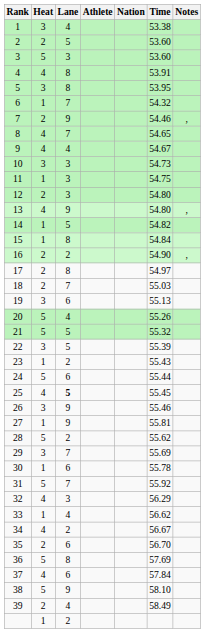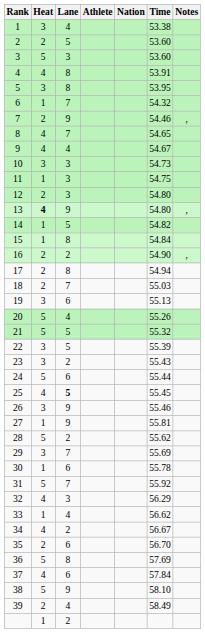 <table class="wikitable sortable" style="text-align:center">
 <tr>
 <th scope="col">Rank</th>
 <th scope="col">Heat</th>
 <th scope="col">Lane</th>
 <th scope="col">Athlete</th>
 <th scope="col">Nation</th>
 <th scope="col">Time</th>
 <th scope="col">Notes</th>
 </tr>
 <tr bgcolor="#bbf3bb">
 <td>1</td>
 <td>3</td>
 <td>4</td>
 <td style="text-align:left"></td>
 <td style="text-align:left"></td>
 <td>53.38</td>
 <td></td>
 </tr>
 <tr bgcolor="#bbf3bb">
 <td>2</td>
 <td>2</td>
 <td>5</td>
 <td style="text-align:left"></td>
 <td style="text-align:left"></td>
 <td>53.60</td>
 <td></td>
 </tr>
 <tr bgcolor="#bbf3bb">
 <td>3</td>
 <td>5</td>
 <td>3</td>
 <td style="text-align:left"></td>
 <td style="text-align:left"></td>
 <td>53.60</td>
 <td></td>
 </tr>
 <tr bgcolor="#bbf3bb">
 <td>4</td>
 <td>4</td>
 <td>8</td>
 <td style="text-align:left"></td>
 <td style="text-align:left"></td>
 <td>53.91</td>
 <td></td>
 </tr>
 <tr bgcolor="#bbf3bb">
 <td>5</td>
 <td>3</td>
 <td>8</td>
 <td style="text-align:left"></td>
 <td style="text-align:left"></td>
 <td>53.95</td>
 <td></td>
 </tr>
 <tr bgcolor="#bbf3bb">
 <td>6</td>
 <td>1</td>
 <td>7</td>
 <td style="text-align:left"></td>
 <td style="text-align:left"></td>
 <td>54.32</td>
 <td></td>
 </tr>
 <tr bgcolor="#bbf3bb">
 <td>7</td>
 <td>2</td>
 <td>9</td>
 <td style="text-align:left"></td>
 <td style="text-align:left"></td>
 <td>54.46</td>
 <td>, </td>
 </tr>
 <tr bgcolor="#bbf3bb">
 <td>8</td>
 <td>4</td>
 <td>7</td>
 <td style="text-align:left"></td>
 <td style="text-align:left"></td>
 <td>54.65</td>
 <td></td>
 </tr>
 <tr bgcolor="#bbf3bb">
 <td>9</td>
 <td>4</td>
 <td>4</td>
 <td style="text-align:left"></td>
 <td style="text-align:left"></td>
 <td>54.67</td>
 <td></td>
 </tr>
 <tr bgcolor="#bbf3bb">
 <td>10</td>
 <td>3</td>
 <td>3</td>
 <td style="text-align:left"></td>
 <td style="text-align:left"></td>
 <td>54.73</td>
 <td></td>
 </tr>
 <tr bgcolor="#bbf3bb">
 <td>11</td>
 <td>1</td>
 <td>3</td>
 <td style="text-align:left"></td>
 <td style="text-align:left"></td>
 <td>54.75</td>
 <td></td>
 </tr>
 <tr bgcolor="#bbf3bb">
 <td>12</td>
 <td>2</td>
 <td>3</td>
 <td style="text-align:left"></td>
 <td style="text-align:left"></td>
 <td>54.80</td>
 <td></td>
 </tr>
 <tr bgcolor="#ccf9cc">
 <td>13</td>
-<td>4</td>
+<td><strong>4</strong></td>
 <td>9</td>
 <td style="text-align:left"></td>
 <td style="text-align:left"></td>
 <td>54.80</td>
 <td>, </td>
 </tr>
 <tr bgcolor="#bbf3bb">
 <td>14</td>
 <td>1</td>
 <td>5</td>
 <td style="text-align:left"></td>
 <td style="text-align:left"></td>
 <td>54.82</td>
 <td></td>
 </tr>
 <tr bgcolor="#ccf9cc">
 <td>15</td>
 <td>1</td>
 <td>8</td>
 <td style="text-align:left"></td>
 <td style="text-align:left"></td>
 <td>54.84</td>
 <td></td>
 </tr>
 <tr bgcolor="#ccf9cc">
 <td>16</td>
 <td>2</td>
 <td>2</td>
 <td style="text-align:left"></td>
 <td style="text-align:left"></td>
 <td>54.90</td>
 <td>, </td>
 </tr>
 <tr>
 <td>17</td>
 <td>2</td>
 <td>8</td>
 <td style="text-align:left"></td>
 <td style="text-align:left"></td>
-<td>54.97</td>
+<td>54.94</td>
 <td></td>
 </tr>
 <tr>
 <td>18</td>
 <td>2</td>
 <td>7</td>
 <td style="text-align:left"></td>
 <td style="text-align:left"></td>
 <td>55.03</td>
 <td></td>
 </tr>
 <tr>
 <td>19</td>
 <td>3</td>
 <td>6</td>
 <td style="text-align:left"></td>
 <td style="text-align:left"></td>
 <td>55.13</td>
 <td></td>
 </tr>
 <tr bgcolor="#bbf3bb">
 <td>20</td>
 <td>5</td>
 <td>4</td>
 <td style="text-align:left"></td>
 <td style="text-align:left"></td>
 <td>55.26</td>
 <td></td>
 </tr>
 <tr bgcolor="#bbf3bb">
 <td>21</td>
 <td>5</td>
 <td>5</td>
 <td style="text-align:left"></td>
 <td style="text-align:left"></td>
 <td>55.32</td>
 <td></td>
 </tr>
 <tr>
 <td>22</td>
 <td>3</td>
 <td>5</td>
 <td style="text-align:left"></td>
 <td style="text-align:left"></td>
 <td>55.39</td>
 <td></td>
 </tr>
 <tr>
 <td>23</td>
-<td>1</td>
+<td>3</td>
 <td>2</td>
 <td style="text-align:left"></td>
 <td style="text-align:left"></td>
 <td>55.43</td>
 <td></td>
 </tr>
 <tr>
 <td>24</td>
 <td>5</td>
 <td>6</td>
 <td style="text-align:left"></td>
 <td style="text-align:left"></td>
 <td>55.44</td>
 <td></td>
 </tr>
 <tr>
 <td>25</td>
 <td>4</td>
 <td><strong>5</strong></td>
 <td style="text-align:left"></td>
 <td style="text-align:left"></td>
 <td>55.45</td>
 <td></td>
 </tr>
 <tr>
 <td>26</td>
 <td>3</td>
 <td>9</td>
 <td style="text-align:left"></td>
 <td style="text-align:left"></td>
 <td>55.46</td>
 <td></td>
 </tr>
 <tr>
 <td>27</td>
 <td>1</td>
 <td>9</td>
 <td style="text-align:left"></td>
 <td style="text-align:left"></td>
 <td>55.81</td>
 <td></td>
 </tr>
 <tr>
 <td>28</td>
 <td>5</td>
 <td>2</td>
 <td style="text-align:left"></td>
 <td style="text-align:left"></td>
 <td>55.62</td>
 <td></td>
 </tr>
 <tr>
 <td>29</td>
 <td>3</td>
 <td>7</td>
 <td style="text-align:left"></td>
 <td style="text-align:left"></td>
 <td>55.69</td>
 <td></td>
 </tr>
 <tr>
 <td>30</td>
 <td>1</td>
 <td>6</td>
 <td style="text-align:left"></td>
 <td style="text-align:left"></td>
 <td>55.78</td>
 <td></td>
 </tr>
 <tr>
 <td>31</td>
 <td>5</td>
 <td>7</td>
 <td style="text-align:left"></td>
 <td style="text-align:left"></td>
 <td>55.92</td>
 <td></td>
 </tr>
 <tr>
 <td>32</td>
 <td>4</td>
 <td>3</td>
 <td style="text-align:left"></td>
 <td style="text-align:left"></td>
 <td>56.29</td>
 <td></td>
 </tr>
 <tr>
 <td>33</td>
 <td>1</td>
 <td>4</td>
 <td style="text-align:left"></td>
 <td style="text-align:left"></td>
 <td>56.62</td>
 <td></td>
 </tr>
 <tr>
 <td>34</td>
 <td>4</td>
 <td>2</td>
 <td style="text-align:left"></td>
 <td style="text-align:left"></td>
 <td>56.67</td>
 <td></td>
 </tr>
 <tr>
 <td>35</td>
 <td>2</td>
 <td>6</td>
 <td style="text-align:left"></td>
 <td style="text-align:left"></td>
 <td>56.70</td>
 <td></td>
 </tr>
 <tr>
 <td>36</td>
 <td>5</td>
 <td>8</td>
 <td style="text-align:left"></td>
 <td style="text-align:left"></td>
 <td>57.69</td>
 <td></td>
 </tr>
 <tr>
 <td>37</td>
 <td>4</td>
 <td>6</td>
 <td style="text-align:left"></td>
 <td style="text-align:left"></td>
 <td>57.84</td>
 <td></td>
 </tr>
 <tr>
 <td>38</td>
 <td>5</td>
 <td>9</td>
 <td style="text-align:left"></td>
 <td style="text-align:left"></td>
 <td>58.10</td>
 <td></td>
 </tr>
 <tr>
 <td>39</td>
 <td>2</td>
 <td>4</td>
 <td style="text-align:left"></td>
 <td style="text-align:left"></td>
 <td>58.49</td>
 <td></td>
 </tr>
 <tr>
 <td></td>
 <td>1</td>
 <td>2</td>
 <td style="text-align:left"></td>
 <td style="text-align:left"></td>
 <td></td>
 <td></td>
 </tr>
 </table>
